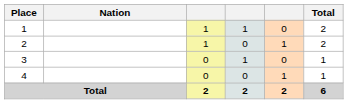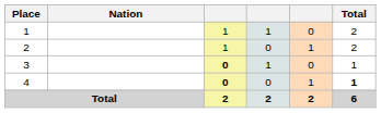 <table class=wikitable style="border:1px solid #AAAAAA;font-size:90%">
 <tr bgcolor="#EFEFEF">
 <th width=50>Place</th>
 <th width=200>Nation</th>
 <th width=50></th>
 <th width=50></th>
 <th width=50></th>
 <th width=50>Total</th>
 </tr>
 <tr align="center" valign="top" bgcolor="#FFFFFF">
 <td>1</td>
 <td align="left"></td>
 <td style="background:#F7F6A8;">1</td>
 <td style="background:#DCE5E5;">1</td>
 <td style="background:#FFDAB9;">0</td>
 <td>2</td>
 </tr>
 <tr align="center" valign="top" bgcolor="#FFFFFF">
 <td>2</td>
 <td align="left"></td>
 <td style="background:#F7F6A8;">1</td>
 <td style="background:#DCE5E5;">0</td>
 <td style="background:#FFDAB9;">1</td>
 <td>2</td>
 </tr>
 <tr align="center" valign="top" bgcolor="#FFFFFF">
 <td>3</td>
 <td align="left"></td>
-<td style="background:#F7F6A8;">0</td>
+<td style="background:#F7F6A8;"><strong>0</strong></td>
 <td style="background:#DCE5E5;">1</td>
 <td style="background:#FFDAB9;">0</td>
 <td>1</td>
 </tr>
 <tr align="center" valign="top" bgcolor="#FFFFFF">
 <td>4</td>
 <td align="left"></td>
-<td style="background:#F7F6A8;">0</td>
+<td style="background:#F7F6A8;"><strong>0</strong></td>
 <td style="background:#DCE5E5;">0</td>
 <td style="background:#FFDAB9;">1</td>
-<td>1</td>
+<td><strong>1</strong></td>
 </tr>
 <tr align="center">
 <td colspan="2" bgcolor=D3D3D3><strong>Total</strong></td>
 <td style="background:#F7F6A8;"><strong>2</strong></td>
 <td style="background:#DCE5E5;"><strong>2</strong></td>
 <td style="background:#FFDAB9;"><strong>2</strong></td>
 <td bgcolor=D3D3D3><strong>6</strong></td>
 </tr>
 </table>
